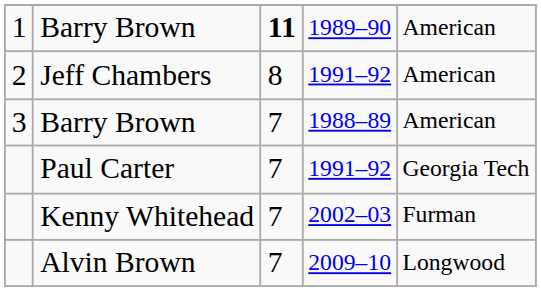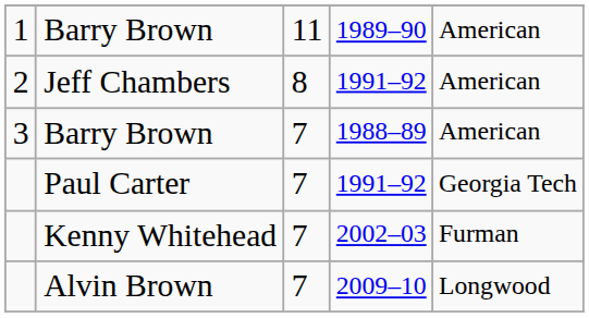 <table class="wikitable">
 <tr>
 </tr>
 <tr>
 <td>1</td>
 <td>Barry Brown</td>
-<td><strong>11</strong></td>
+<td>11</td>
 <td style="font-size:80%;"><a href='#'>1989–90</a></td>
 <td style="font-size:80%;">American</td>
 </tr>
 <tr>
 <td>2</td>
 <td>Jeff Chambers</td>
 <td>8</td>
 <td style="font-size:80%;"><a href='#'>1991–92</a></td>
 <td style="font-size:80%;">American</td>
 </tr>
 <tr>
 <td>3</td>
 <td>Barry Brown</td>
 <td>7</td>
 <td style="font-size:80%;"><a href='#'>1988–89</a></td>
 <td style="font-size:80%;">American</td>
 </tr>
 <tr>
 <td></td>
 <td>Paul Carter</td>
 <td>7</td>
 <td style="font-size:80%;"><a href='#'>1991–92</a></td>
 <td style="font-size:80%;">Georgia Tech</td>
 </tr>
 <tr>
 <td></td>
 <td>Kenny Whitehead</td>
 <td>7</td>
 <td style="font-size:80%;"><a href='#'>2002–03</a></td>
 <td style="font-size:80%;">Furman</td>
 </tr>
 <tr>
 <td></td>
 <td>Alvin Brown</td>
 <td>7</td>
 <td style="font-size:80%;"><a href='#'>2009–10</a></td>
 <td style="font-size:80%;">Longwood</td>
 </tr>
 </table>
